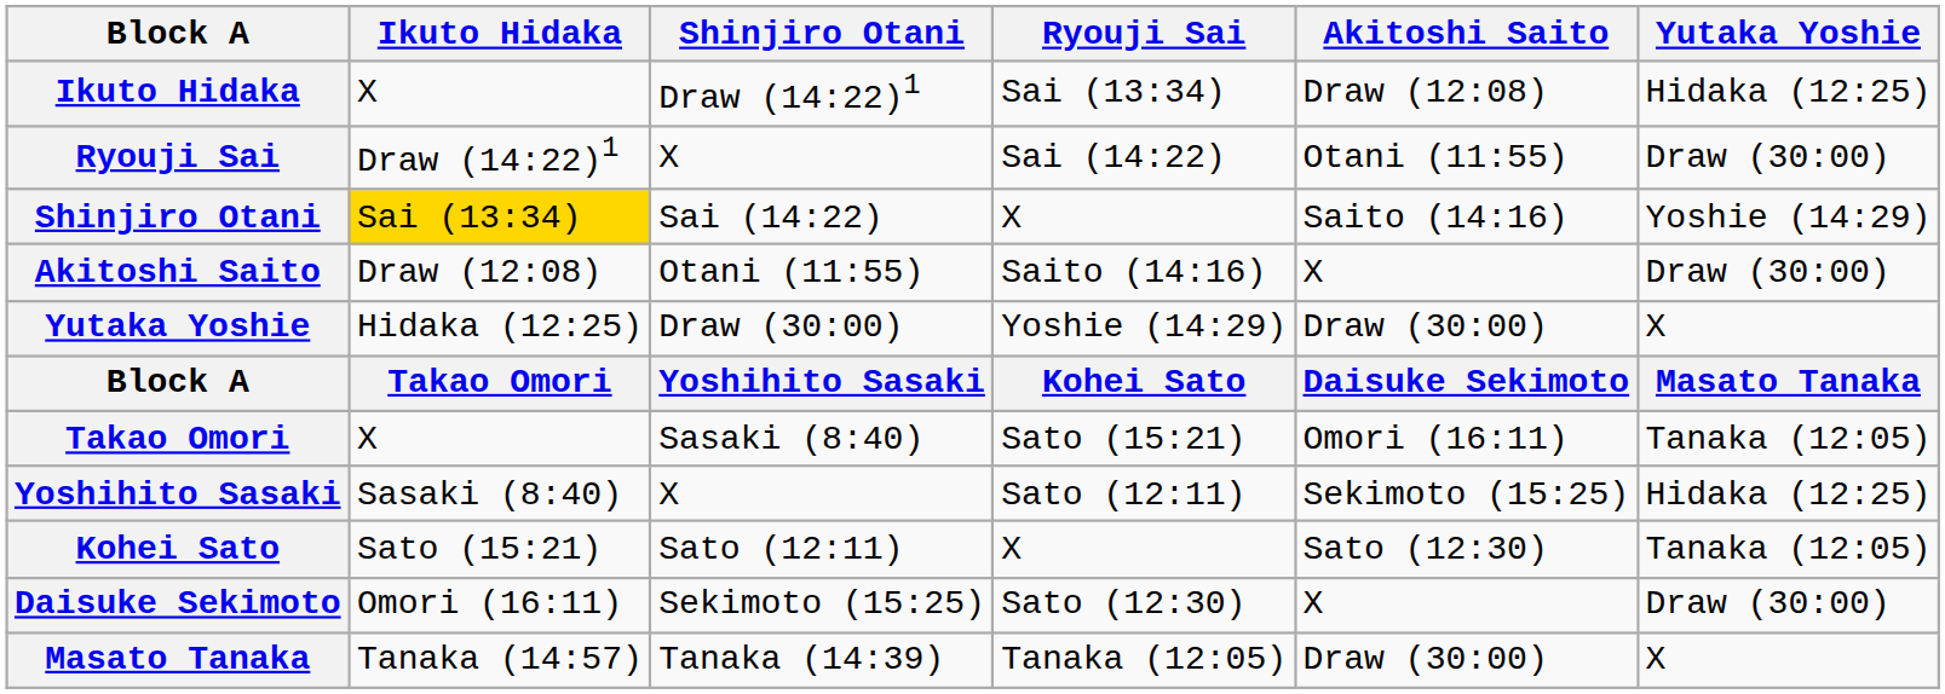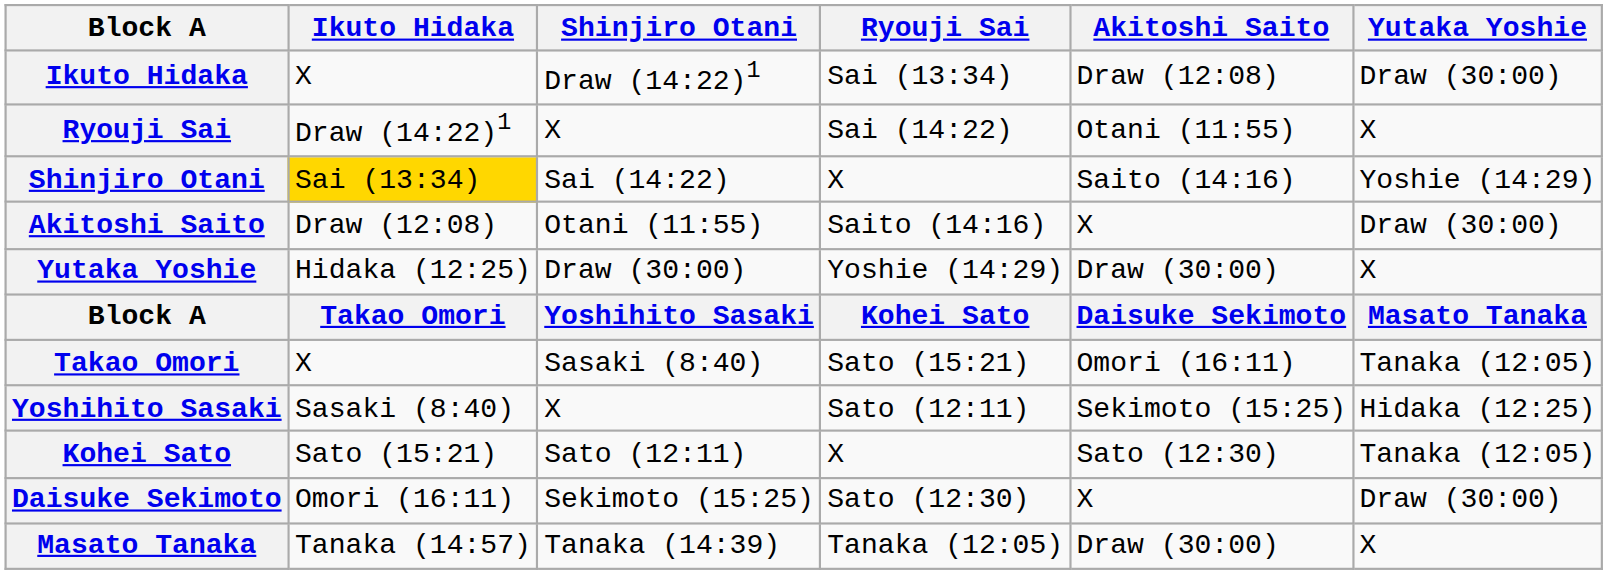 <table class="wikitable" style="margin: 1em auto 1em auto">
 <tr>
 <th>Block A</th>
 <th><a href='#'>Ikuto Hidaka</a></th>
 <th><a href='#'>Shinjiro Otani</a></th>
 <th><a href='#'>Ryouji Sai</a></th>
 <th><a href='#'>Akitoshi Saito</a></th>
 <th><a href='#'>Yutaka Yoshie</a></th>
 </tr>
 <tr>
 <th><a href='#'>Ikuto Hidaka</a></th>
 <td>X</td>
 <td>Draw (14:22)<sup>1</sup></td>
 <td>Sai (13:34)</td>
 <td>Draw (12:08)</td>
-<td>Hidaka (12:25)</td>
+<td>Draw (30:00)</td>
 </tr>
 <tr>
 <th><a href='#'>Ryouji Sai</a></th>
 <td>Draw (14:22)<sup>1</sup></td>
 <td>X</td>
 <td>Sai (14:22)</td>
 <td>Otani (11:55)</td>
-<td>Draw (30:00)</td>
+<td>X</td>
 </tr>
 <tr>
 <th><a href='#'>Shinjiro Otani</a></th>
 <td style="background: gold;">Sai (13:34)</td>
 <td>Sai (14:22)</td>
 <td>X</td>
 <td>Saito (14:16)</td>
 <td>Yoshie (14:29)</td>
 </tr>
 <tr>
 <th><a href='#'>Akitoshi Saito</a></th>
 <td>Draw (12:08)</td>
 <td>Otani (11:55)</td>
 <td>Saito (14:16)</td>
 <td>X</td>
 <td>Draw (30:00)</td>
 </tr>
 <tr>
 <th><a href='#'>Yutaka Yoshie</a></th>
 <td>Hidaka (12:25)</td>
 <td>Draw (30:00)</td>
 <td>Yoshie (14:29)</td>
 <td>Draw (30:00)</td>
 <td>X</td>
 </tr>
 <tr>
 <th>Block A</th>
 <th><a href='#'>Takao Omori</a></th>
 <th><a href='#'>Yoshihito Sasaki</a></th>
 <th><a href='#'>Kohei Sato</a></th>
 <th><a href='#'>Daisuke Sekimoto</a></th>
 <th><a href='#'>Masato Tanaka</a></th>
 </tr>
 <tr>
 <th><a href='#'>Takao Omori</a></th>
 <td>X</td>
 <td>Sasaki (8:40)</td>
 <td>Sato (15:21)</td>
 <td>Omori (16:11)</td>
 <td>Tanaka (12:05)</td>
 </tr>
 <tr>
 <th><a href='#'>Yoshihito Sasaki</a></th>
 <td>Sasaki (8:40)</td>
 <td>X</td>
 <td>Sato (12:11)</td>
 <td>Sekimoto (15:25)</td>
 <td>Hidaka (12:25)</td>
 </tr>
 <tr>
 <th><a href='#'>Kohei Sato</a></th>
 <td>Sato (15:21)</td>
 <td>Sato (12:11)</td>
 <td>X</td>
 <td>Sato (12:30)</td>
 <td>Tanaka (12:05)</td>
 </tr>
 <tr>
 <th><a href='#'>Daisuke Sekimoto</a></th>
 <td>Omori (16:11)</td>
 <td>Sekimoto (15:25)</td>
 <td>Sato (12:30)</td>
 <td>X</td>
 <td>Draw (30:00)</td>
 </tr>
 <tr>
 <th><a href='#'>Masato Tanaka</a></th>
 <td>Tanaka (14:57)</td>
 <td>Tanaka (14:39)</td>
 <td>Tanaka (12:05)</td>
 <td>Draw (30:00)</td>
 <td>X</td>
 </tr>
 </table>
